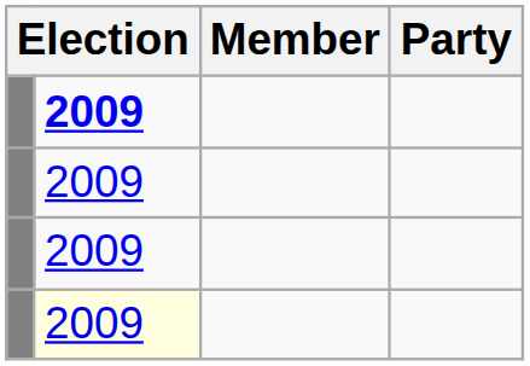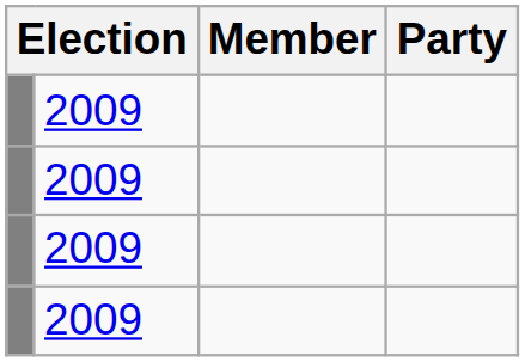 <table class="wikitable">
 <tr>
 <th colspan="2">Election</th>
 <th>Member</th>
 <th>Party</th>
 </tr>
 <tr>
 <td style="background-color: grey"></td>
-<td><strong><a href='#'>2009</a></strong></td>
+<td><a href='#'>2009</a></td>
 <td></td>
 <td></td>
 </tr>
 <tr>
 <td style="background-color: grey"></td>
 <td><a href='#'>2009</a></td>
 <td></td>
 <td></td>
 </tr>
 <tr>
 <td style="background-color: grey"></td>
 <td><a href='#'>2009</a></td>
 <td></td>
 <td></td>
 </tr>
 <tr>
 <td style="background-color: grey"></td>
-<td style="background: lightyellow;"><a href='#'>2009</a></td>
+<td><a href='#'>2009</a></td>
 <td></td>
 <td></td>
 </tr>
 </table>
